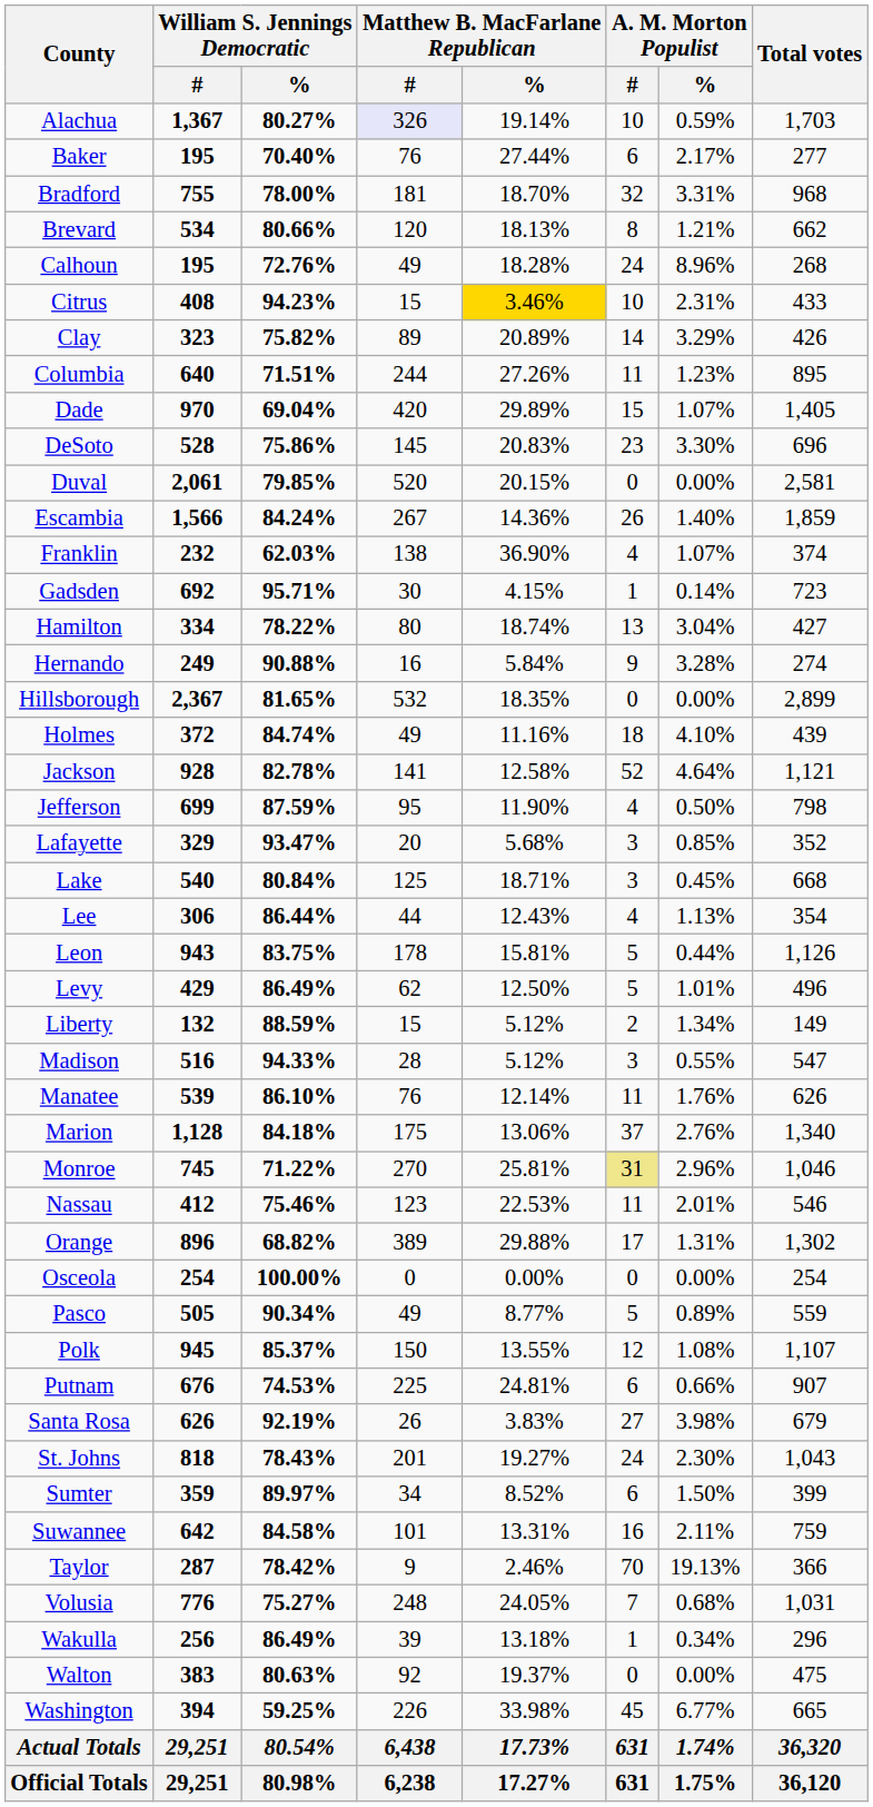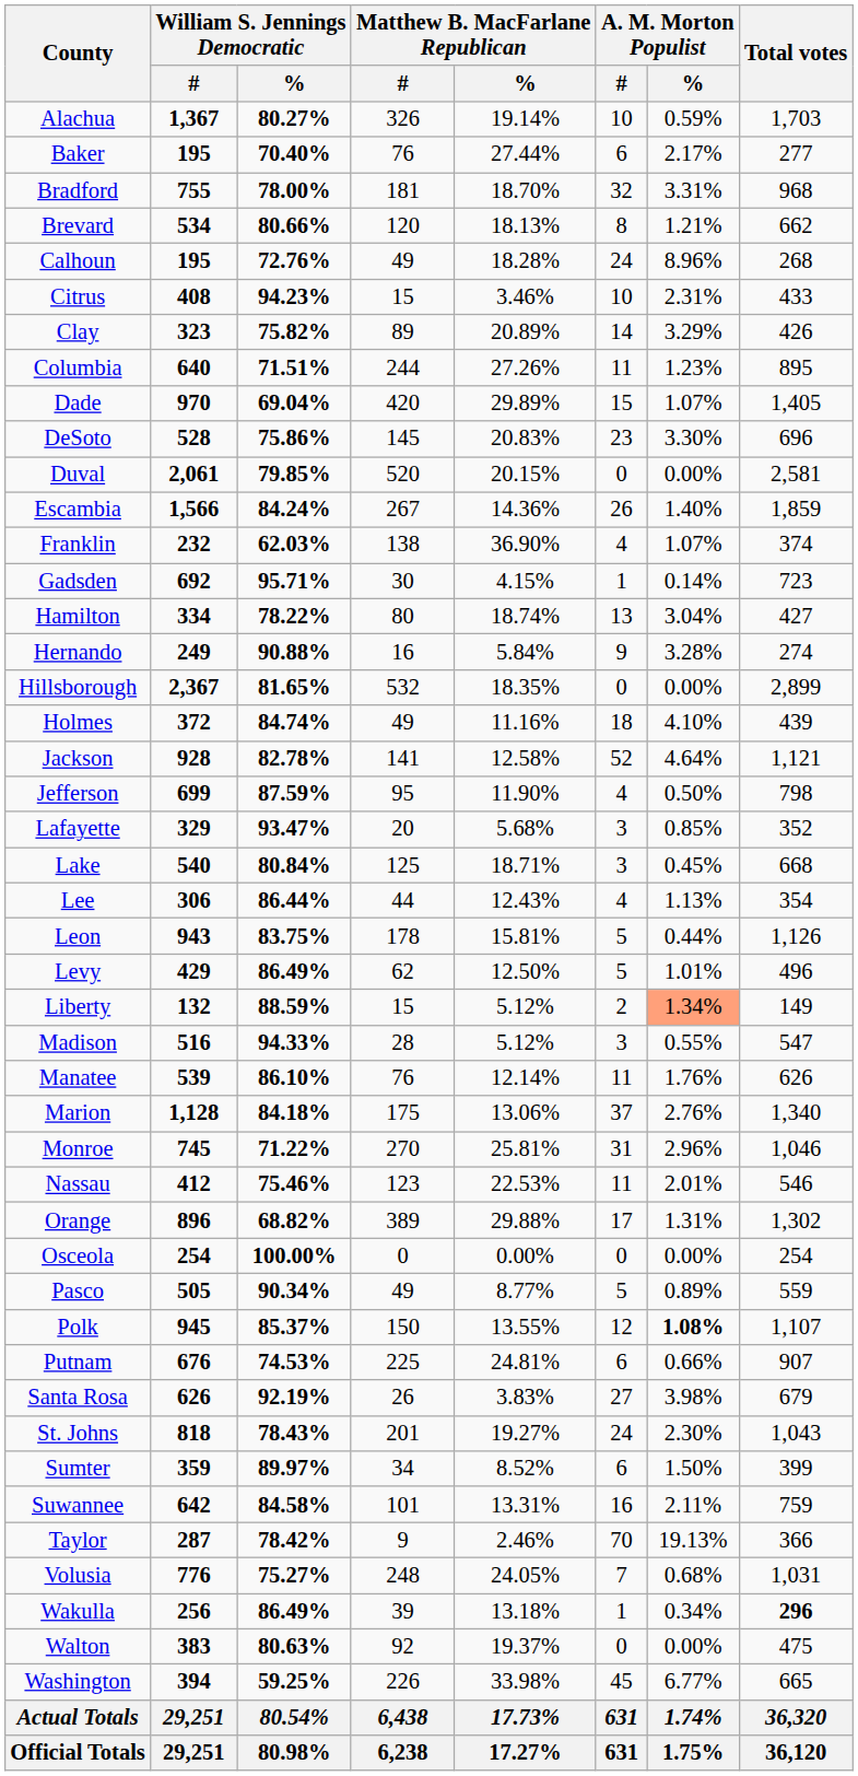 <table class="wikitable sortable">
 <tr>
 <th rowspan="2">County</th>
 <th colspan="2" style="text-align: center;" >William S. Jennings <br><em>Democratic</em></th>
 <th colspan="2" style="text-align: center;" >Matthew B. MacFarlane <br> <em>Republican</em></th>
 <th colspan="2" style="text-align: center;" >A. M. Morton <br> <em>Populist</em></th>
 <th rowspan="2">Total votes</th>
 </tr>
 <tr>
 <th colspan="1" style="text-align: center;" >#</th>
 <th colspan="1" style="text-align: center;" >%</th>
 <th colspan="1" style="text-align: center;" >#</th>
 <th colspan="1" style="text-align: center;" >%</th>
 <th colspan="1" style="text-align: center;" >#</th>
 <th colspan="1" style="text-align: center;" >%</th>
 </tr>
 <tr style="text-align:center;">
 <td><a href='#'>Alachua</a></td>
 <td><strong>1,367</strong></td>
 <td><strong>80.27%</strong></td>
-<td style="background: lavender;">326</td>
+<td>326</td>
 <td>19.14%</td>
 <td>10</td>
 <td>0.59%</td>
 <td>1,703</td>
 </tr>
 <tr style="text-align:center;">
 <td><a href='#'>Baker</a></td>
 <td><strong>195</strong></td>
 <td><strong>70.40%</strong></td>
 <td>76</td>
 <td>27.44%</td>
 <td>6</td>
 <td>2.17%</td>
 <td>277</td>
 </tr>
 <tr style="text-align:center;">
 <td><a href='#'>Bradford</a></td>
 <td><strong>755</strong></td>
 <td><strong>78.00%</strong></td>
 <td>181</td>
 <td>18.70%</td>
 <td>32</td>
 <td>3.31%</td>
 <td>968</td>
 </tr>
 <tr style="text-align:center;">
 <td><a href='#'>Brevard</a></td>
 <td><strong>534</strong></td>
 <td><strong>80.66%</strong></td>
 <td>120</td>
 <td>18.13%</td>
 <td>8</td>
 <td>1.21%</td>
 <td>662</td>
 </tr>
 <tr style="text-align:center;">
 <td><a href='#'>Calhoun</a></td>
 <td><strong>195</strong></td>
 <td><strong>72.76%</strong></td>
 <td>49</td>
 <td>18.28%</td>
 <td>24</td>
 <td>8.96%</td>
 <td>268</td>
 </tr>
 <tr style="text-align:center;">
 <td><a href='#'>Citrus</a></td>
 <td><strong>408</strong></td>
 <td><strong>94.23%</strong></td>
 <td>15</td>
-<td style="background: gold;">3.46%</td>
+<td>3.46%</td>
 <td>10</td>
 <td>2.31%</td>
 <td>433</td>
 </tr>
 <tr style="text-align:center;">
 <td><a href='#'>Clay</a></td>
 <td><strong>323</strong></td>
 <td><strong>75.82%</strong></td>
 <td>89</td>
 <td>20.89%</td>
 <td>14</td>
 <td>3.29%</td>
 <td>426</td>
 </tr>
 <tr style="text-align:center;">
 <td><a href='#'>Columbia</a></td>
 <td><strong>640</strong></td>
 <td><strong>71.51%</strong></td>
 <td>244</td>
 <td>27.26%</td>
 <td>11</td>
 <td>1.23%</td>
 <td>895</td>
 </tr>
 <tr style="text-align:center;">
 <td><a href='#'>Dade</a></td>
 <td><strong>970</strong></td>
 <td><strong>69.04%</strong></td>
 <td>420</td>
 <td>29.89%</td>
 <td>15</td>
 <td>1.07%</td>
 <td>1,405</td>
 </tr>
 <tr style="text-align:center;">
 <td><a href='#'>DeSoto</a></td>
 <td><strong>528</strong></td>
 <td><strong>75.86%</strong></td>
 <td>145</td>
 <td>20.83%</td>
 <td>23</td>
 <td>3.30%</td>
 <td>696</td>
 </tr>
 <tr style="text-align:center;">
 <td><a href='#'>Duval</a></td>
 <td><strong>2,061</strong></td>
 <td><strong>79.85%</strong></td>
 <td>520</td>
 <td>20.15%</td>
 <td>0</td>
 <td>0.00%</td>
 <td>2,581</td>
 </tr>
 <tr style="text-align:center;">
 <td><a href='#'>Escambia</a></td>
 <td><strong>1,566</strong></td>
 <td><strong>84.24%</strong></td>
 <td>267</td>
 <td>14.36%</td>
 <td>26</td>
 <td>1.40%</td>
 <td>1,859</td>
 </tr>
 <tr style="text-align:center;">
 <td><a href='#'>Franklin</a></td>
 <td><strong>232</strong></td>
 <td><strong>62.03%</strong></td>
 <td>138</td>
 <td>36.90%</td>
 <td>4</td>
 <td>1.07%</td>
 <td>374</td>
 </tr>
 <tr style="text-align:center;">
 <td><a href='#'>Gadsden</a></td>
 <td><strong>692</strong></td>
 <td><strong>95.71%</strong></td>
 <td>30</td>
 <td>4.15%</td>
 <td>1</td>
 <td>0.14%</td>
 <td>723</td>
 </tr>
 <tr style="text-align:center;">
 <td><a href='#'>Hamilton</a></td>
 <td><strong>334</strong></td>
 <td><strong>78.22%</strong></td>
 <td>80</td>
 <td>18.74%</td>
 <td>13</td>
 <td>3.04%</td>
 <td>427</td>
 </tr>
 <tr style="text-align:center;">
 <td><a href='#'>Hernando</a></td>
 <td><strong>249</strong></td>
 <td><strong>90.88%</strong></td>
 <td>16</td>
 <td>5.84%</td>
 <td>9</td>
 <td>3.28%</td>
 <td>274</td>
 </tr>
 <tr style="text-align:center;">
 <td><a href='#'>Hillsborough</a></td>
 <td><strong>2,367</strong></td>
 <td><strong>81.65%</strong></td>
 <td>532</td>
 <td>18.35%</td>
 <td>0</td>
 <td>0.00%</td>
 <td>2,899</td>
 </tr>
 <tr style="text-align:center;">
 <td><a href='#'>Holmes</a></td>
 <td><strong>372</strong></td>
 <td><strong>84.74%</strong></td>
 <td>49</td>
 <td>11.16%</td>
 <td>18</td>
 <td>4.10%</td>
 <td>439</td>
 </tr>
 <tr style="text-align:center;">
 <td><a href='#'>Jackson</a></td>
 <td><strong>928</strong></td>
 <td><strong>82.78%</strong></td>
 <td>141</td>
 <td>12.58%</td>
 <td>52</td>
 <td>4.64%</td>
 <td>1,121</td>
 </tr>
 <tr style="text-align:center;">
 <td><a href='#'>Jefferson</a></td>
 <td><strong>699</strong></td>
 <td><strong>87.59%</strong></td>
 <td>95</td>
 <td>11.90%</td>
 <td>4</td>
 <td>0.50%</td>
 <td>798</td>
 </tr>
 <tr style="text-align:center;">
 <td><a href='#'>Lafayette</a></td>
 <td><strong>329</strong></td>
 <td><strong>93.47%</strong></td>
 <td>20</td>
 <td>5.68%</td>
 <td>3</td>
 <td>0.85%</td>
 <td>352</td>
 </tr>
 <tr style="text-align:center;">
 <td><a href='#'>Lake</a></td>
 <td><strong>540</strong></td>
 <td><strong>80.84%</strong></td>
 <td>125</td>
 <td>18.71%</td>
 <td>3</td>
 <td>0.45%</td>
 <td>668</td>
 </tr>
 <tr style="text-align:center;">
 <td><a href='#'>Lee</a></td>
 <td><strong>306</strong></td>
 <td><strong>86.44%</strong></td>
 <td>44</td>
 <td>12.43%</td>
 <td>4</td>
 <td>1.13%</td>
 <td>354</td>
 </tr>
 <tr style="text-align:center;">
 <td><a href='#'>Leon</a></td>
 <td><strong>943</strong></td>
 <td><strong>83.75%</strong></td>
 <td>178</td>
 <td>15.81%</td>
 <td>5</td>
 <td>0.44%</td>
 <td>1,126</td>
 </tr>
 <tr style="text-align:center;">
 <td><a href='#'>Levy</a></td>
 <td><strong>429</strong></td>
 <td><strong>86.49%</strong></td>
 <td>62</td>
 <td>12.50%</td>
 <td>5</td>
 <td>1.01%</td>
 <td>496</td>
 </tr>
 <tr style="text-align:center;">
 <td><a href='#'>Liberty</a></td>
 <td><strong>132</strong></td>
 <td><strong>88.59%</strong></td>
 <td>15</td>
 <td>5.12%</td>
 <td>2</td>
-<td>1.34%</td>
+<td style="background: lightsalmon;">1.34%</td>
 <td>149</td>
 </tr>
 <tr style="text-align:center;">
 <td><a href='#'>Madison</a></td>
 <td><strong>516</strong></td>
 <td><strong>94.33%</strong></td>
 <td>28</td>
 <td>5.12%</td>
 <td>3</td>
 <td>0.55%</td>
 <td>547</td>
 </tr>
 <tr style="text-align:center;">
 <td><a href='#'>Manatee</a></td>
 <td><strong>539</strong></td>
 <td><strong>86.10%</strong></td>
 <td>76</td>
 <td>12.14%</td>
 <td>11</td>
 <td>1.76%</td>
 <td>626</td>
 </tr>
 <tr style="text-align:center;">
 <td><a href='#'>Marion</a></td>
 <td><strong>1,128</strong></td>
 <td><strong>84.18%</strong></td>
 <td>175</td>
 <td>13.06%</td>
 <td>37</td>
 <td>2.76%</td>
 <td>1,340</td>
 </tr>
 <tr style="text-align:center;">
 <td><a href='#'>Monroe</a></td>
 <td><strong>745</strong></td>
 <td><strong>71.22%</strong></td>
 <td>270</td>
 <td>25.81%</td>
-<td style="background: khaki;">31</td>
+<td>31</td>
 <td>2.96%</td>
 <td>1,046</td>
 </tr>
 <tr style="text-align:center;">
 <td><a href='#'>Nassau</a></td>
 <td><strong>412</strong></td>
 <td><strong>75.46%</strong></td>
 <td>123</td>
 <td>22.53%</td>
 <td>11</td>
 <td>2.01%</td>
 <td>546</td>
 </tr>
 <tr style="text-align:center;">
 <td><a href='#'>Orange</a></td>
 <td><strong>896</strong></td>
 <td><strong>68.82%</strong></td>
 <td>389</td>
 <td>29.88%</td>
 <td>17</td>
 <td>1.31%</td>
 <td>1,302</td>
 </tr>
 <tr style="text-align:center;">
 <td><a href='#'>Osceola</a></td>
 <td><strong>254</strong></td>
 <td><strong>100.00%</strong></td>
 <td>0</td>
 <td>0.00%</td>
 <td>0</td>
 <td>0.00%</td>
 <td>254</td>
 </tr>
 <tr style="text-align:center;">
 <td><a href='#'>Pasco</a></td>
 <td><strong>505</strong></td>
 <td><strong>90.34%</strong></td>
 <td>49</td>
 <td>8.77%</td>
 <td>5</td>
 <td>0.89%</td>
 <td>559</td>
 </tr>
 <tr style="text-align:center;">
 <td><a href='#'>Polk</a></td>
 <td><strong>945</strong></td>
 <td><strong>85.37%</strong></td>
 <td>150</td>
 <td>13.55%</td>
 <td>12</td>
-<td>1.08%</td>
+<td><strong>1.08%</strong></td>
 <td>1,107</td>
 </tr>
 <tr style="text-align:center;">
 <td><a href='#'>Putnam</a></td>
 <td><strong>676</strong></td>
 <td><strong>74.53%</strong></td>
 <td>225</td>
 <td>24.81%</td>
 <td>6</td>
 <td>0.66%</td>
 <td>907</td>
 </tr>
 <tr style="text-align:center;">
 <td><a href='#'>Santa Rosa</a></td>
 <td><strong>626</strong></td>
 <td><strong>92.19%</strong></td>
 <td>26</td>
 <td>3.83%</td>
 <td>27</td>
 <td>3.98%</td>
 <td>679</td>
 </tr>
 <tr style="text-align:center;">
 <td><a href='#'>St. Johns</a></td>
 <td><strong>818</strong></td>
 <td><strong>78.43%</strong></td>
 <td>201</td>
 <td>19.27%</td>
 <td>24</td>
 <td>2.30%</td>
 <td>1,043</td>
 </tr>
 <tr style="text-align:center;">
 <td><a href='#'>Sumter</a></td>
 <td><strong>359</strong></td>
 <td><strong>89.97%</strong></td>
 <td>34</td>
 <td>8.52%</td>
 <td>6</td>
 <td>1.50%</td>
 <td>399</td>
 </tr>
 <tr style="text-align:center;">
 <td><a href='#'>Suwannee</a></td>
 <td><strong>642</strong></td>
 <td><strong>84.58%</strong></td>
 <td>101</td>
 <td>13.31%</td>
 <td>16</td>
 <td>2.11%</td>
 <td>759</td>
 </tr>
 <tr style="text-align:center;">
 <td><a href='#'>Taylor</a></td>
 <td><strong>287</strong></td>
 <td><strong>78.42%</strong></td>
 <td>9</td>
 <td>2.46%</td>
 <td>70</td>
 <td>19.13%</td>
 <td>366</td>
 </tr>
 <tr style="text-align:center;">
 <td><a href='#'>Volusia</a></td>
 <td><strong>776</strong></td>
 <td><strong>75.27%</strong></td>
 <td>248</td>
 <td>24.05%</td>
 <td>7</td>
 <td>0.68%</td>
 <td>1,031</td>
 </tr>
 <tr style="text-align:center;">
 <td><a href='#'>Wakulla</a></td>
 <td><strong>256</strong></td>
 <td><strong>86.49%</strong></td>
 <td>39</td>
 <td>13.18%</td>
 <td>1</td>
 <td>0.34%</td>
-<td>296</td>
+<td><strong>296</strong></td>
 </tr>
 <tr style="text-align:center;">
 <td><a href='#'>Walton</a></td>
 <td><strong>383</strong></td>
 <td><strong>80.63%</strong></td>
 <td>92</td>
 <td>19.37%</td>
 <td>0</td>
 <td>0.00%</td>
 <td>475</td>
 </tr>
 <tr style="text-align:center;">
 <td><a href='#'>Washington</a></td>
 <td><strong>394</strong></td>
 <td><strong>59.25%</strong></td>
 <td>226</td>
 <td>33.98%</td>
 <td>45</td>
 <td>6.77%</td>
 <td>665</td>
 </tr>
 <tr style="text-align:center;">
 <th><em>Actual Totals</em></th>
 <th><em>29,251</em></th>
 <th><em>80.54%</em></th>
 <th><em>6,438</em></th>
 <th><em>17.73%</em></th>
 <th><em>631</em></th>
 <th><em>1.74%</em></th>
 <th><em>36,320</em></th>
 </tr>
 <tr style="text-align:center;">
 <th>Official Totals</th>
 <th>29,251</th>
 <th>80.98%</th>
 <th>6,238</th>
 <th>17.27%</th>
 <th>631</th>
 <th>1.75%</th>
 <th>36,120</th>
 </tr>
 </table>
